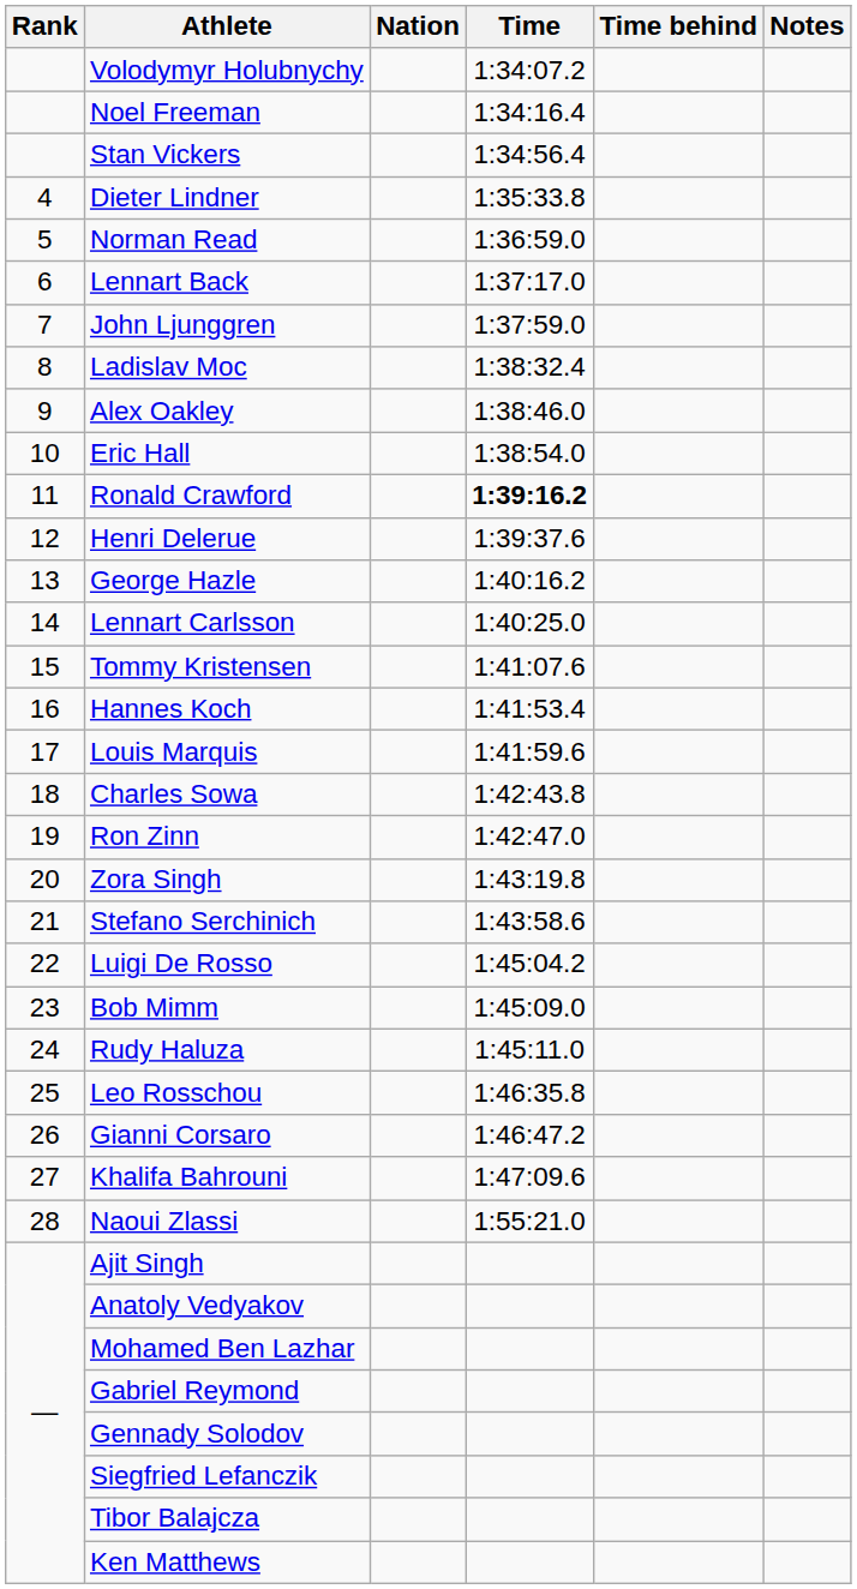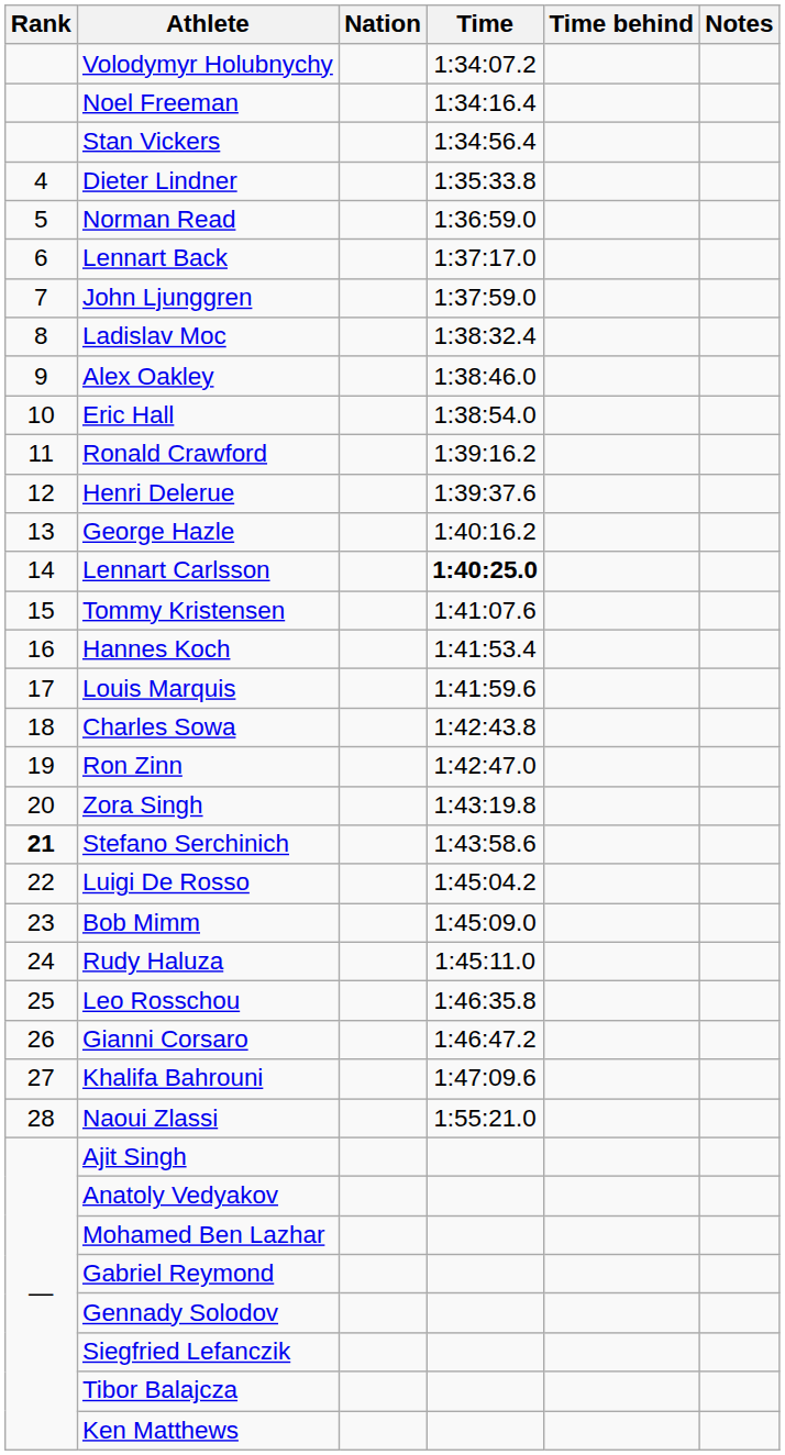 <table class="wikitable sortable" style="text-align:center">
 <tr>
 <th>Rank</th>
 <th>Athlete</th>
 <th>Nation</th>
 <th>Time</th>
 <th>Time behind</th>
 <th>Notes</th>
 </tr>
 <tr>
 <td></td>
 <td align=left><a href='#'>Volodymyr Holubnychy</a></td>
 <td align=left></td>
 <td>1:34:07.2</td>
 <td></td>
 <td></td>
 </tr>
 <tr>
 <td></td>
 <td align=left><a href='#'>Noel Freeman</a></td>
 <td align=left></td>
 <td>1:34:16.4</td>
 <td></td>
 <td></td>
 </tr>
 <tr>
 <td></td>
 <td align=left><a href='#'>Stan Vickers</a></td>
 <td align=left></td>
 <td>1:34:56.4</td>
 <td></td>
 <td></td>
 </tr>
 <tr>
 <td>4</td>
 <td align=left><a href='#'>Dieter Lindner</a></td>
 <td align=left></td>
 <td>1:35:33.8</td>
 <td></td>
 <td></td>
 </tr>
 <tr>
 <td>5</td>
 <td align=left><a href='#'>Norman Read</a></td>
 <td align=left></td>
 <td>1:36:59.0</td>
 <td></td>
 <td></td>
 </tr>
 <tr>
 <td>6</td>
 <td align=left><a href='#'>Lennart Back</a></td>
 <td align=left></td>
 <td>1:37:17.0</td>
 <td></td>
 <td></td>
 </tr>
 <tr>
 <td>7</td>
 <td align=left><a href='#'>John Ljunggren</a></td>
 <td align=left></td>
 <td>1:37:59.0</td>
 <td></td>
 <td></td>
 </tr>
 <tr>
 <td>8</td>
 <td align=left><a href='#'>Ladislav Moc</a></td>
 <td align=left></td>
 <td>1:38:32.4</td>
 <td></td>
 <td></td>
 </tr>
 <tr>
 <td>9</td>
 <td align=left><a href='#'>Alex Oakley</a></td>
 <td align=left></td>
 <td>1:38:46.0</td>
 <td></td>
 <td></td>
 </tr>
 <tr>
 <td>10</td>
 <td align=left><a href='#'>Eric Hall</a></td>
 <td align=left></td>
 <td>1:38:54.0</td>
 <td></td>
 <td></td>
 </tr>
 <tr>
 <td>11</td>
 <td align=left><a href='#'>Ronald Crawford</a></td>
 <td align=left></td>
-<td><strong>1:39:16.2</strong></td>
+<td>1:39:16.2</td>
 <td></td>
 <td></td>
 </tr>
 <tr>
 <td>12</td>
 <td align=left><a href='#'>Henri Delerue</a></td>
 <td align=left></td>
 <td>1:39:37.6</td>
 <td></td>
 <td></td>
 </tr>
 <tr>
 <td>13</td>
 <td align=left><a href='#'>George Hazle</a></td>
 <td align=left></td>
 <td>1:40:16.2</td>
 <td></td>
 <td></td>
 </tr>
 <tr>
 <td>14</td>
 <td align=left><a href='#'>Lennart Carlsson</a></td>
 <td align=left></td>
-<td>1:40:25.0</td>
+<td><strong>1:40:25.0</strong></td>
 <td></td>
 <td></td>
 </tr>
 <tr>
 <td>15</td>
 <td align=left><a href='#'>Tommy Kristensen</a></td>
 <td align=left></td>
 <td>1:41:07.6</td>
 <td></td>
 <td></td>
 </tr>
 <tr>
 <td>16</td>
 <td align=left><a href='#'>Hannes Koch</a></td>
 <td align=left></td>
 <td>1:41:53.4</td>
 <td></td>
 <td></td>
 </tr>
 <tr>
 <td>17</td>
 <td align=left><a href='#'>Louis Marquis</a></td>
 <td align=left></td>
 <td>1:41:59.6</td>
 <td></td>
 <td></td>
 </tr>
 <tr>
 <td>18</td>
 <td align=left><a href='#'>Charles Sowa</a></td>
 <td align=left></td>
 <td>1:42:43.8</td>
 <td></td>
 <td></td>
 </tr>
 <tr>
 <td>19</td>
 <td align=left><a href='#'>Ron Zinn</a></td>
 <td align=left></td>
 <td>1:42:47.0</td>
 <td></td>
 <td></td>
 </tr>
 <tr>
 <td>20</td>
 <td align=left><a href='#'>Zora Singh</a></td>
 <td align=left></td>
 <td>1:43:19.8</td>
 <td></td>
 <td></td>
 </tr>
 <tr>
-<td>21</td>
+<td><strong>21</strong></td>
 <td align=left><a href='#'>Stefano Serchinich</a></td>
 <td align=left></td>
 <td>1:43:58.6</td>
 <td></td>
 <td></td>
 </tr>
 <tr>
 <td>22</td>
 <td align=left><a href='#'>Luigi De Rosso</a></td>
 <td align=left></td>
 <td>1:45:04.2</td>
 <td></td>
 <td></td>
 </tr>
 <tr>
 <td>23</td>
 <td align=left><a href='#'>Bob Mimm</a></td>
 <td align=left></td>
 <td>1:45:09.0</td>
 <td></td>
 <td></td>
 </tr>
 <tr>
 <td>24</td>
 <td align=left><a href='#'>Rudy Haluza</a></td>
 <td align=left></td>
 <td>1:45:11.0</td>
 <td></td>
 <td></td>
 </tr>
 <tr>
 <td>25</td>
 <td align=left><a href='#'>Leo Rosschou</a></td>
 <td align=left></td>
 <td>1:46:35.8</td>
 <td></td>
 <td></td>
 </tr>
 <tr>
 <td>26</td>
 <td align=left><a href='#'>Gianni Corsaro</a></td>
 <td align=left></td>
 <td>1:46:47.2</td>
 <td></td>
 <td></td>
 </tr>
 <tr>
 <td>27</td>
 <td align=left><a href='#'>Khalifa Bahrouni</a></td>
 <td align=left></td>
 <td>1:47:09.6</td>
 <td></td>
 <td></td>
 </tr>
 <tr>
 <td>28</td>
 <td align=left><a href='#'>Naoui Zlassi</a></td>
 <td align=left></td>
 <td>1:55:21.0</td>
 <td></td>
 <td></td>
 </tr>
 <tr>
 <td rowspan="8">—</td>
 <td align="left"><a href='#'>Ajit Singh</a></td>
 <td align=left></td>
 <td></td>
 <td></td>
 <td></td>
 </tr>
 <tr>
 <td align="left"><a href='#'>Anatoly Vedyakov</a></td>
 <td align=left></td>
 <td></td>
 <td></td>
 <td></td>
 </tr>
 <tr>
 <td align="left"><a href='#'>Mohamed Ben Lazhar</a></td>
 <td align=left></td>
 <td></td>
 <td></td>
 <td></td>
 </tr>
 <tr>
 <td align="left"><a href='#'>Gabriel Reymond</a></td>
 <td align=left></td>
 <td></td>
 <td></td>
 <td></td>
 </tr>
 <tr>
 <td align="left"><a href='#'>Gennady Solodov</a></td>
 <td align=left></td>
 <td></td>
 <td></td>
 <td></td>
 </tr>
 <tr>
 <td align="left"><a href='#'>Siegfried Lefanczik</a></td>
 <td align=left></td>
 <td></td>
 <td></td>
 <td></td>
 </tr>
 <tr>
 <td align="left"><a href='#'>Tibor Balajcza</a></td>
 <td align=left></td>
 <td></td>
 <td></td>
 <td></td>
 </tr>
 <tr>
 <td align="left"><a href='#'>Ken Matthews</a></td>
 <td align=left></td>
 <td></td>
 <td></td>
 <td></td>
 </tr>
 </table>
